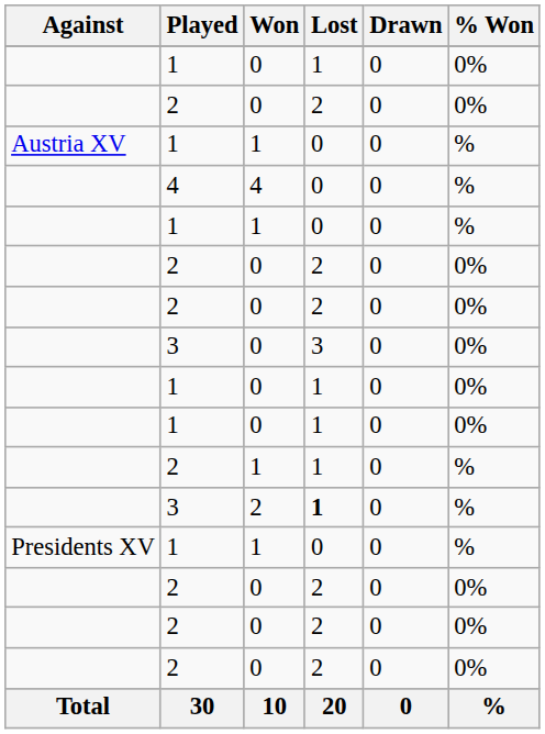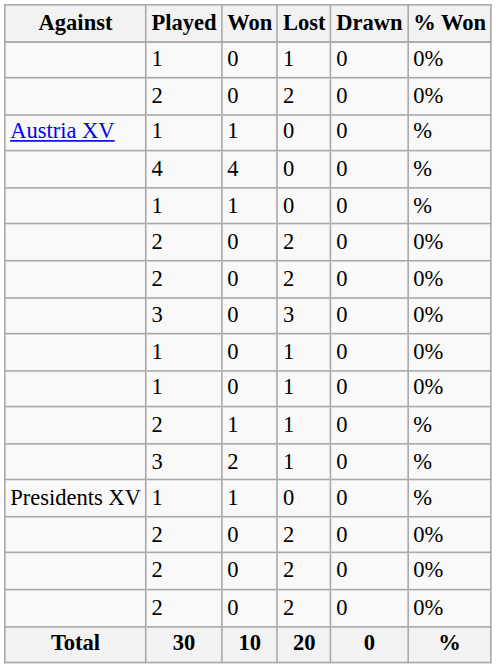 <table class="sortable wikitable" style="font-size: 87%;">
 <tr>
 <th>Against</th>
 <th>Played</th>
 <th>Won</th>
 <th>Lost</th>
 <th>Drawn</th>
 <th>% Won</th>
 </tr>
 <tr bgcolor="#d0ffd0" align="center">
 </tr>
 <tr>
 <td align="left"></td>
 <td>1</td>
 <td>0</td>
 <td>1</td>
 <td>0</td>
 <td>0%</td>
 </tr>
 <tr>
 <td align="left"></td>
 <td>2</td>
 <td>0</td>
 <td>2</td>
 <td>0</td>
 <td>0%</td>
 </tr>
 <tr>
 <td align="left"> <a href='#'>Austria XV</a></td>
 <td>1</td>
 <td>1</td>
 <td>0</td>
 <td>0</td>
 <td>%</td>
 </tr>
 <tr>
 <td align="left"></td>
 <td>4</td>
 <td>4</td>
 <td>0</td>
 <td>0</td>
 <td>%</td>
 </tr>
 <tr>
 <td align="left"></td>
 <td>1</td>
 <td>1</td>
 <td>0</td>
 <td>0</td>
 <td>%</td>
 </tr>
 <tr>
 <td align="left"></td>
 <td>2</td>
 <td>0</td>
 <td>2</td>
 <td>0</td>
 <td>0%</td>
 </tr>
 <tr>
 <td align="left"></td>
 <td>2</td>
 <td>0</td>
 <td>2</td>
 <td>0</td>
 <td>0%</td>
 </tr>
 <tr>
 <td align="left"></td>
 <td>3</td>
 <td>0</td>
 <td>3</td>
 <td>0</td>
 <td>0%</td>
 </tr>
 <tr>
 <td align="left"></td>
 <td>1</td>
 <td>0</td>
 <td>1</td>
 <td>0</td>
 <td>0%</td>
 </tr>
 <tr>
 <td align="left"></td>
 <td>1</td>
 <td>0</td>
 <td>1</td>
 <td>0</td>
 <td>0%</td>
 </tr>
 <tr>
 <td align="left"></td>
 <td>2</td>
 <td>1</td>
 <td>1</td>
 <td>0</td>
 <td>%</td>
 </tr>
 <tr>
 <td align="left"></td>
 <td>3</td>
 <td>2</td>
-<td><strong>1</strong></td>
+<td>1</td>
 <td>0</td>
 <td>%</td>
 </tr>
 <tr>
 <td align="left"> Presidents XV</td>
 <td>1</td>
 <td>1</td>
 <td>0</td>
 <td>0</td>
 <td>%</td>
 </tr>
 <tr>
 <td align="left"></td>
 <td>2</td>
 <td>0</td>
 <td>2</td>
 <td>0</td>
 <td>0%</td>
 </tr>
 <tr>
 <td align="left"></td>
 <td>2</td>
 <td>0</td>
 <td>2</td>
 <td>0</td>
 <td>0%</td>
 </tr>
 <tr>
 <td align="left"></td>
 <td>2</td>
 <td>0</td>
 <td>2</td>
 <td>0</td>
 <td>0%</td>
 </tr>
 <tr>
 <th>Total</th>
 <th><strong>30</strong></th>
 <th><strong>10</strong></th>
 <th><strong>20</strong></th>
 <th><strong>0</strong></th>
 <th><strong>%</strong></th>
 </tr>
 </table>
